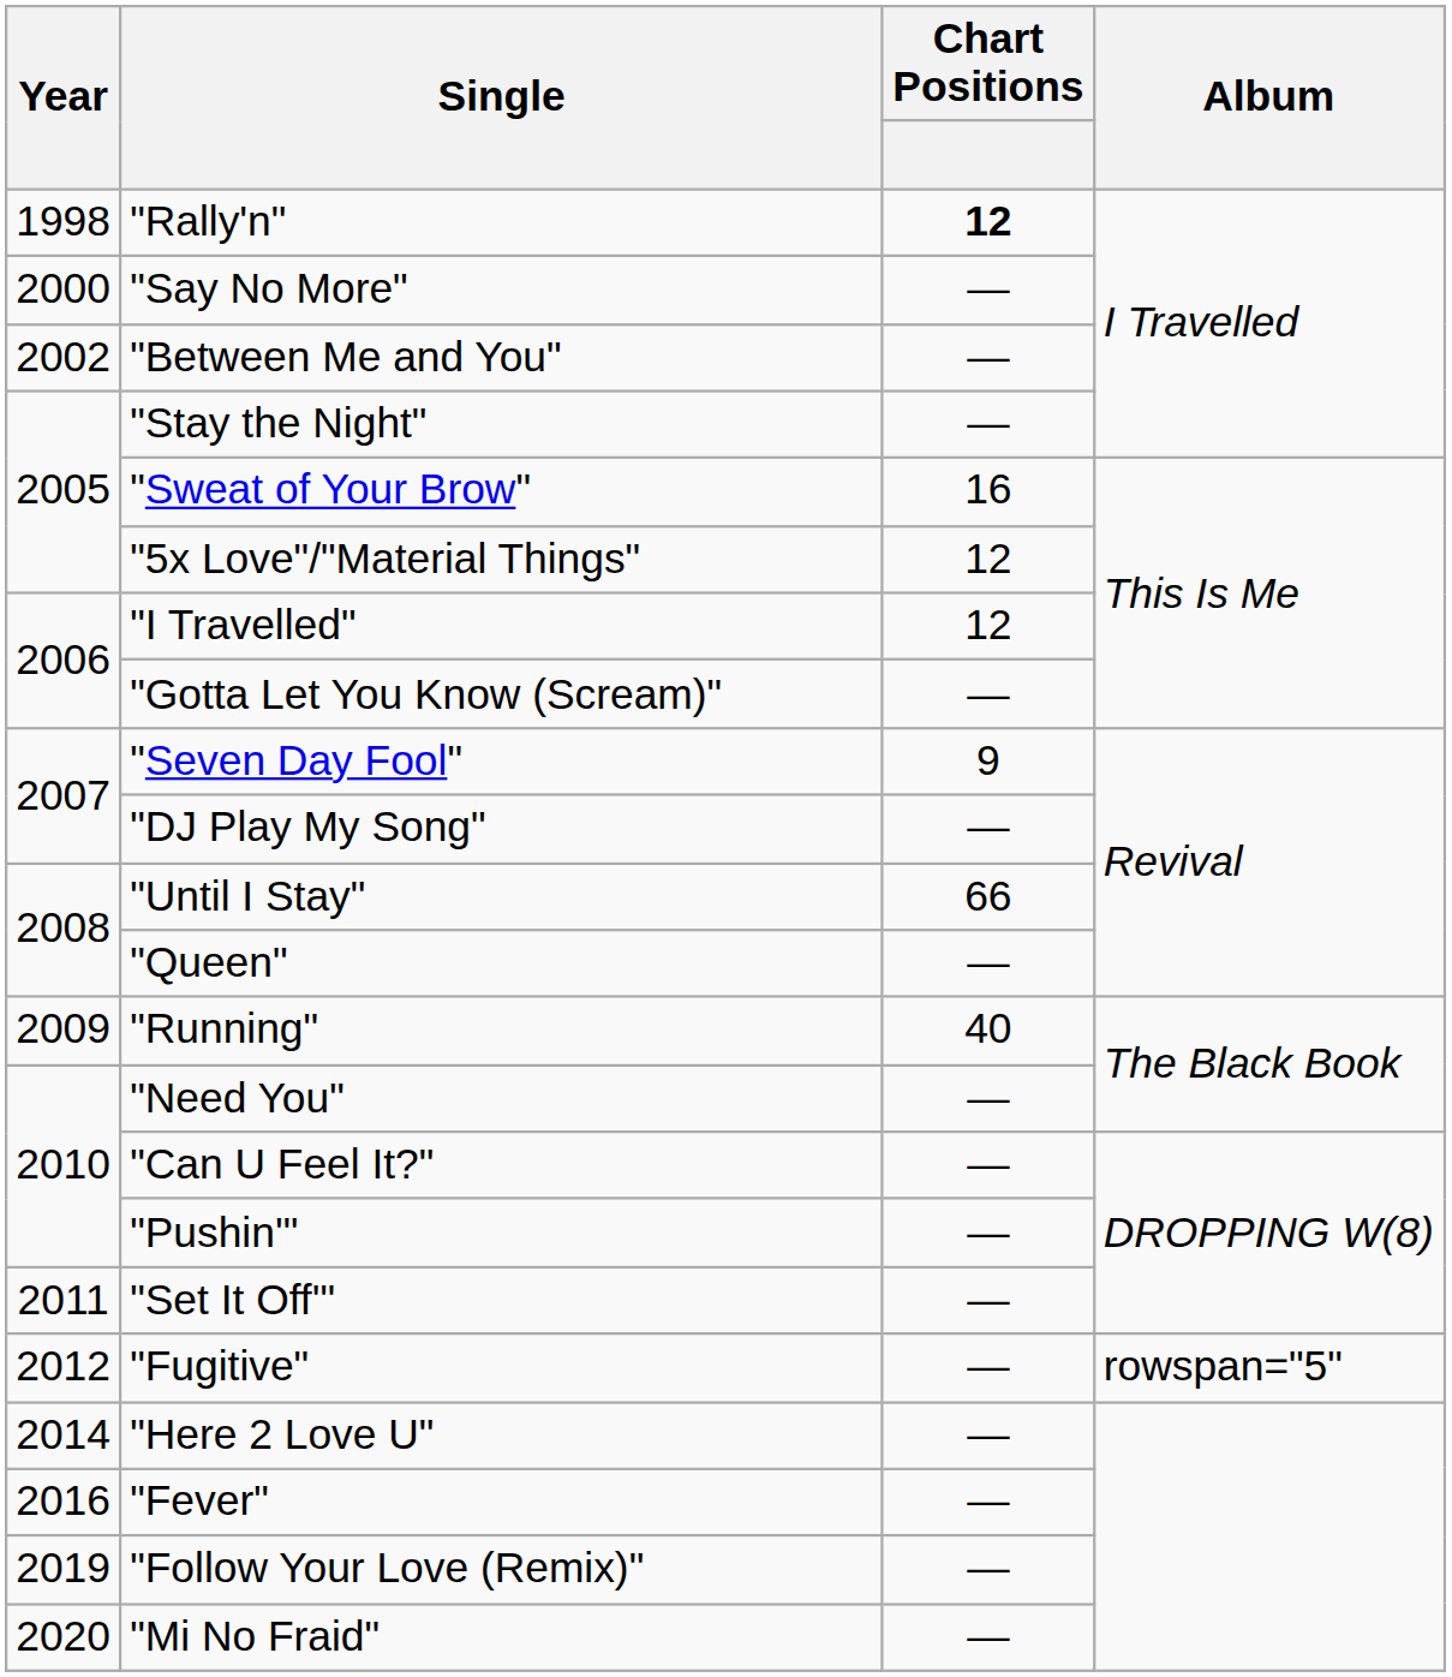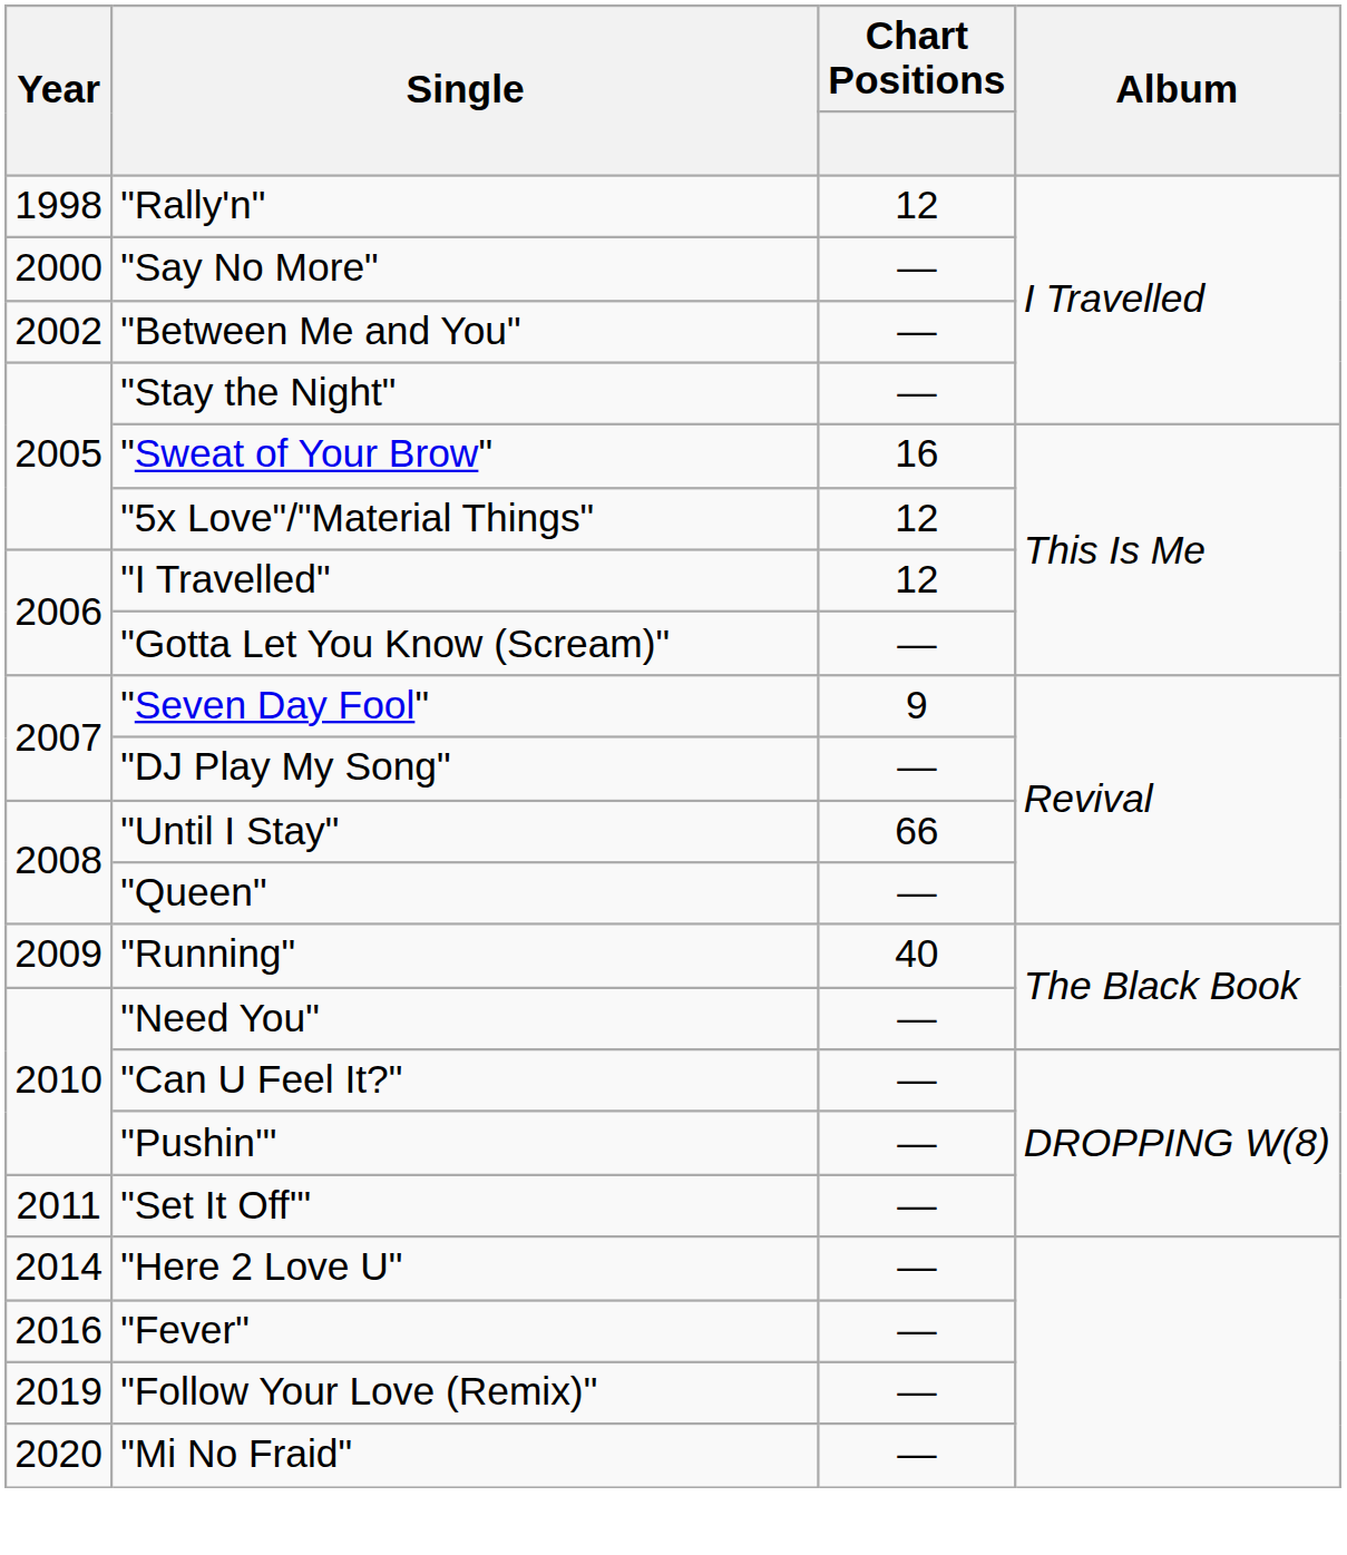 <table class="wikitable">
 <tr>
 <th width="20" rowspan="2"><strong>Year</strong></th>
 <th width="280" rowspan="2"><strong>Single</strong></th>
 <th><strong>Chart Positions</strong></th>
 <th rowspan="2">Album</th>
 </tr>
 <tr>
 <th width="60"><br></th>
 </tr>
 <tr>
 <td align="center" valign="top">1998</td>
 <td align="left" valign="top">"Rally'n" </td>
-<td align="center" valign="top"><strong>12</strong></td>
+<td align="center" valign="top">12</td>
 <td rowspan="4"><em>I Travelled</em></td>
 </tr>
 <tr>
 <td align="center">2000</td>
 <td align="left" valign="top">"Say No More"</td>
 <td align="center" valign="top">—</td>
 </tr>
 <tr>
 <td align="center">2002</td>
 <td align="left" valign="top">"Between Me and You" </td>
 <td align="center" valign="top">—</td>
 </tr>
 <tr>
 <td align="center" rowspan="3">2005</td>
 <td align="left" valign="top">"Stay the Night"</td>
 <td align="center" valign="top">—</td>
 </tr>
 <tr>
 <td align="left" valign="top">"<a href='#'>Sweat of Your Brow</a>" </td>
 <td align="center" valign="top">16</td>
 <td rowspan="4"><em>This Is Me</em></td>
 </tr>
 <tr>
 <td align="left" valign="top">"5x Love"/"Material Things" </td>
 <td align="center" valign="top">12</td>
 </tr>
 <tr>
 <td align="center" rowspan="2">2006</td>
 <td align="left" valign="top">"I Travelled"</td>
 <td align="center" valign="top">12</td>
 </tr>
 <tr>
 <td align="left" valign="top">"Gotta Let You Know (Scream)"</td>
 <td align="center" valign="top">—</td>
 </tr>
 <tr>
 <td align="center" rowspan="2">2007</td>
 <td align="left" valign="top">"<a href='#'>Seven Day Fool</a>"</td>
 <td align="center" valign="top">9</td>
 <td rowspan="4"><em>Revival</em></td>
 </tr>
 <tr>
 <td align="left" valign="top">"DJ Play My Song"</td>
 <td align="center" valign="top">—</td>
 </tr>
 <tr>
 <td align="center" rowspan="2">2008</td>
 <td align="left" valign="top">"Until I Stay"</td>
 <td align="center" valign="top">66</td>
 </tr>
 <tr>
 <td align="left" valign="top">"Queen"</td>
 <td align="center" valign="top">—</td>
 </tr>
 <tr>
 <td align="center" rowspan="1">2009</td>
 <td align="left" valign="top">"Running"</td>
 <td align="center" valign="top">40</td>
 <td rowspan="2"><em>The Black Book</em></td>
 </tr>
 <tr>
 <td align="center" rowspan="3">2010</td>
 <td align="left" valign="top">"Need You"</td>
 <td align="center" valign="top">—</td>
 </tr>
 <tr>
 <td align="left">"Can U Feel It?"</td>
 <td align="center" valign="top">—</td>
 <td align="left" valign="center" rowspan="3"><em>DROPPING W(8)</em></td>
 </tr>
 <tr>
 <td align="left" valign="top">"Pushin'"</td>
 <td align="center" valign="top">—</td>
 </tr>
 <tr>
 <td align="center">2011</td>
 <td align="left" valign="top">"Set It Off'" </td>
 <td align="center" valign="top">—</td>
 </tr>
 <tr>
-<td align="center">2012</td>
-<td align="left">"Fugitive"</td>
-<td align="center" valign="top">—</td>
-<td>rowspan="5" </td>
-</tr>
-<tr>
 <td align="center">2014</td>
 <td align="left">"Here 2 Love U"</td>
 <td align="center" valign="top">—</td>
 </tr>
 <tr>
 <td align="center">2016</td>
 <td align="left">"Fever"</td>
 <td align="center" valign="top">—</td>
 </tr>
 <tr>
 <td align="center">2019</td>
 <td align="left">"Follow Your Love (Remix)"</td>
 <td align="center" valign="top">—</td>
 </tr>
 <tr>
 <td align="center">2020</td>
 <td align="left">"Mi No Fraid"</td>
 <td align="center" valign="top">—</td>
 </tr>
 </table>
